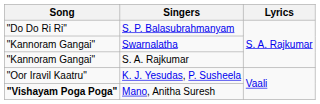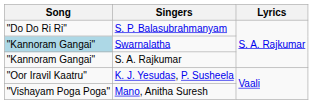 <table class="wikitable" style="font-size:95%;">
 <tr>
 <th>Song</th>
 <th>Singers</th>
 <th>Lyrics</th>
 </tr>
 <tr>
 <td>"Do Do Ri Ri"</td>
 <td><a href='#'>S. P. Balasubrahmanyam</a></td>
 <td rowspan=3><a href='#'>S. A. Rajkumar</a></td>
 </tr>
 <tr>
-<td>"Kannoram Gangai"</td>
+<td style="background: lightblue;">"Kannoram Gangai"</td>
 <td><a href='#'>Swarnalatha</a></td>
 </tr>
 <tr>
 <td>"Kannoram Gangai"</td>
 <td>S. A. Rajkumar</td>
 </tr>
 <tr>
 <td>"Oor Iravil Kaatru"</td>
 <td><a href='#'>K. J. Yesudas</a>, <a href='#'>P. Susheela</a></td>
 <td rowspan=2><a href='#'>Vaali</a></td>
 </tr>
 <tr>
-<td><strong>"Vishayam Poga Poga"</strong></td>
+<td>"Vishayam Poga Poga"</td>
 <td><a href='#'>Mano</a>, Anitha Suresh</td>
 </tr>
 </table>
